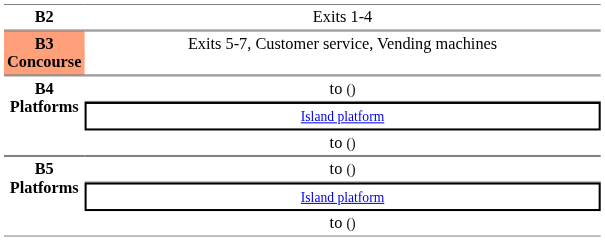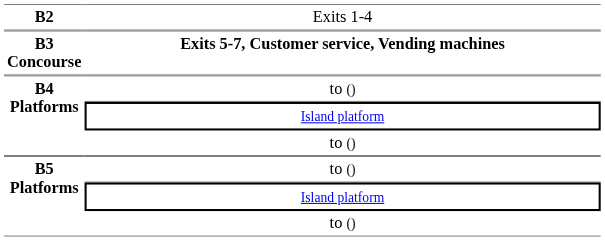 <table table border=0 cellspacing=0 cellpadding=3>
 <tr>
 <td style="border-bottom:solid 1px gray; border-top:solid 1px gray;text-align:center" valign=top width=50><strong>B2</strong></td>
 <td style="border-bottom:solid 1px gray; border-top:solid 1px gray;text-align:center;" valign=top width=500>Exits 1-4</td>
 </tr>
 <tr>
-<td style="background: lightsalmon; border-bottom:solid 1px gray; border-top:solid 1px gray;text-align:center" valign=top><strong>B3<br>Concourse</strong></td>
-<td style="border-bottom:solid 1px gray; border-top:solid 1px gray;text-align:center;" valign=top width=500>Exits 5-7, Customer service, Vending machines</td>
+<td style="border-bottom:solid 1px gray; border-top:solid 1px gray;text-align:center" valign=top><strong>B3<br>Concourse</strong></td>
+<td style="border-bottom:solid 1px gray; border-top:solid 1px gray;text-align:center;" valign=top width=500><strong>Exits 5-7, Customer service, Vending machines</strong></td>
 </tr>
 <tr>
 <td style="border-bottom:solid 1px gray; border-top:solid 1px gray;text-align:center" rowspan="3" valign=top><strong>B4<br>Platforms</strong></td>
 <td style="border-bottom:solid 1px gray; border-top:solid 1px gray;text-align:center;">  to  <small>()</small></td>
 </tr>
 <tr>
 <td style="border-right:solid 2px black;border-left:solid 2px black;border-top:solid 2px black;border-bottom:solid 2px black;text-align:center;" colspan=2><small><a href='#'>Island platform</a></small></td>
 </tr>
 <tr>
 <td style="border-bottom:solid 1px gray;text-align:center;"> to  <small>()</small> </td>
 </tr>
 <tr>
 <td style="border-bottom:solid 1px gray; border-top:solid 1px gray;text-align:center" rowspan="3" valign=top><strong>B5<br>Platforms</strong></td>
 <td style="border-bottom:solid 1px gray; border-top:solid 1px gray;text-align:center;">  to  <small>()</small></td>
 </tr>
 <tr>
 <td style="border-right:solid 2px black;border-left:solid 2px black;border-top:solid 2px black;border-bottom:solid 2px black;text-align:center;" colspan=2><small><a href='#'>Island platform</a></small></td>
 </tr>
 <tr>
 <td style="border-bottom:solid 1px gray;text-align:center;"> to  <small>()</small> </td>
 </tr>
 </table>
